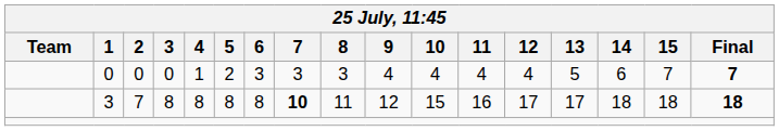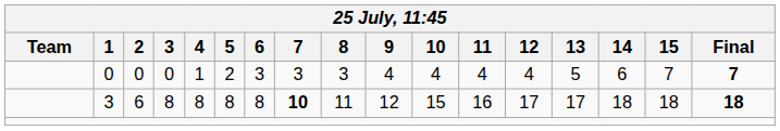 <table class=wikitable style="text-align:center; width: 55%">
 <tr>
 <th colspan=17><em>25 July, 11:45</em></th>
 </tr>
 <tr>
 <th>Team</th>
 <th>1</th>
 <th>2</th>
 <th>3</th>
 <th>4</th>
 <th>5</th>
 <th>6</th>
 <th>7</th>
 <th>8</th>
 <th>9</th>
 <th>10</th>
 <th>11</th>
 <th>12</th>
 <th>13</th>
 <th>14</th>
 <th>15</th>
 <th>Final</th>
 </tr>
 <tr>
 <td align=left></td>
 <td>0</td>
 <td>0</td>
 <td>0</td>
 <td>1</td>
 <td>2</td>
 <td>3</td>
 <td>3</td>
 <td>3</td>
 <td>4</td>
 <td>4</td>
 <td>4</td>
 <td>4</td>
 <td>5</td>
 <td>6</td>
 <td>7</td>
 <td><strong>7</strong></td>
 </tr>
 <tr>
 <td align=left><strong></strong></td>
 <td>3</td>
-<td>7</td>
+<td>6</td>
 <td>8</td>
 <td>8</td>
 <td>8</td>
 <td>8</td>
 <td><strong>10</strong></td>
 <td>11</td>
 <td>12</td>
 <td>15</td>
 <td>16</td>
 <td>17</td>
 <td>17</td>
 <td>18</td>
 <td>18</td>
 <td><strong>18</strong></td>
 </tr>
 <tr>
 <td colspan=17></td>
 </tr>
 </table>
